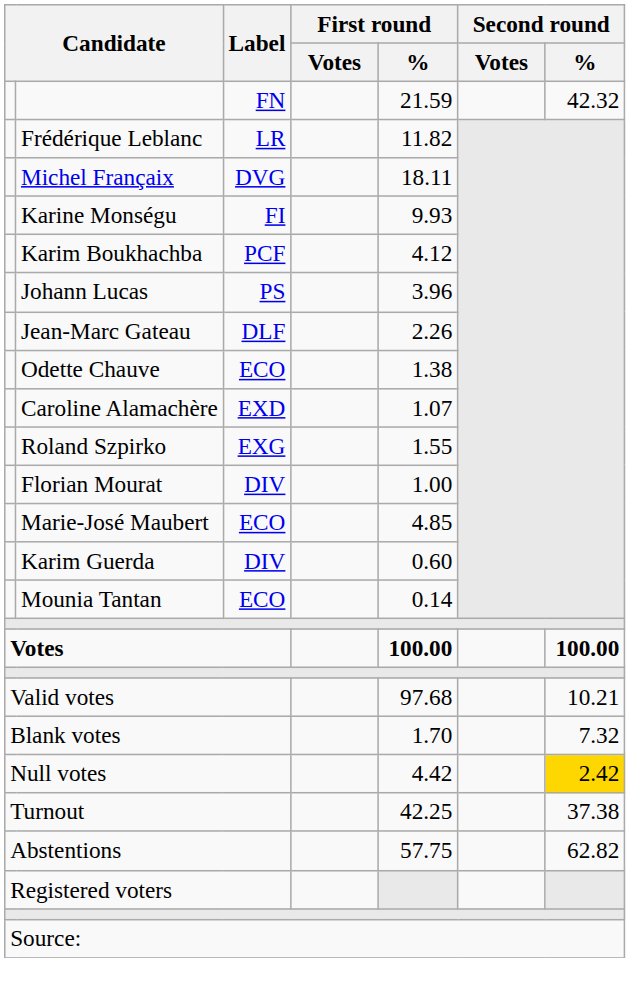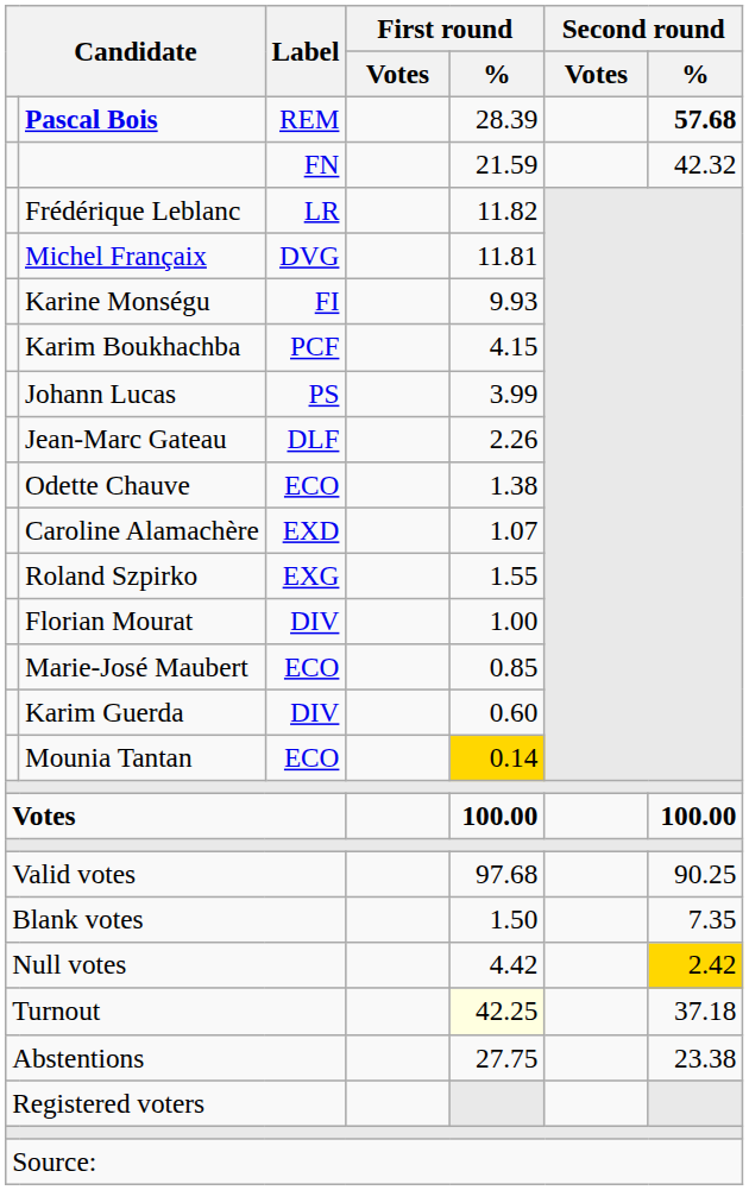 <table class="wikitable" style="text-align:right;font-size:95%;">
 <tr>
 <th rowspan="2" colspan="2">Candidate</th>
 <th rowspan="2">Label</th>
 <th colspan="2">First round</th>
 <th colspan="2">Second round</th>
 </tr>
 <tr>
 <th style="width:50px;">Votes</th>
 <th style="width:45px;">%</th>
 <th style="width:50px;">Votes</th>
 <th style="width:45px;">%</th>
+</tr>
+<tr>
+<td style="color:inherit;background:"></td>
+<td style="text-align:left;"><strong><a href='#'>Pascal Bois</a></strong></td>
+<td><a href='#'>REM</a></td>
+<td></td>
+<td>28.39</td>
+<td><strong></strong></td>
+<td><strong>57.68</strong></td>
 </tr>
 <tr>
 <td style="color:inherit;background:"></td>
 <td style="text-align:left;"></td>
 <td><a href='#'>FN</a></td>
 <td></td>
 <td>21.59</td>
 <td></td>
 <td>42.32</td>
 </tr>
 <tr>
 <td style="color:inherit;background:"></td>
 <td style="text-align:left;">Frédérique Leblanc</td>
 <td><a href='#'>LR</a></td>
 <td></td>
 <td>11.82</td>
 <td colspan="2" rowspan="13" style="background:#E9E9E9;"></td>
 </tr>
 <tr>
 <td style="color:inherit;background:"></td>
 <td style="text-align:left;"><a href='#'>Michel Françaix</a></td>
 <td><a href='#'>DVG</a></td>
 <td></td>
-<td>18.11</td>
+<td>11.81</td>
 </tr>
 <tr>
 <td style="color:inherit;background:"></td>
 <td style="text-align:left;">Karine Monségu</td>
 <td><a href='#'>FI</a></td>
 <td></td>
 <td>9.93</td>
 </tr>
 <tr>
 <td style="color:inherit;background:"></td>
 <td style="text-align:left;">Karim Boukhachba</td>
 <td><a href='#'>PCF</a></td>
 <td></td>
-<td>4.12</td>
+<td>4.15</td>
 </tr>
 <tr>
 <td style="color:inherit;background:"></td>
 <td style="text-align:left;">Johann Lucas</td>
 <td><a href='#'>PS</a></td>
 <td></td>
-<td>3.96</td>
+<td>3.99</td>
 </tr>
 <tr>
 <td style="color:inherit;background:"></td>
 <td style="text-align:left;">Jean-Marc Gateau</td>
 <td><a href='#'>DLF</a></td>
 <td></td>
 <td>2.26</td>
 </tr>
 <tr>
 <td style="color:inherit;background:"></td>
 <td style="text-align:left;">Odette Chauve</td>
 <td><a href='#'>ECO</a></td>
 <td></td>
 <td>1.38</td>
 </tr>
 <tr>
 <td style="color:inherit;background:"></td>
 <td style="text-align:left;">Caroline Alamachère</td>
 <td><a href='#'>EXD</a></td>
 <td></td>
 <td>1.07</td>
 </tr>
 <tr>
 <td style="color:inherit;background:"></td>
 <td style="text-align:left;">Roland Szpirko</td>
 <td><a href='#'>EXG</a></td>
 <td></td>
 <td>1.55</td>
 </tr>
 <tr>
 <td style="color:inherit;background:"></td>
 <td style="text-align:left;">Florian Mourat</td>
 <td><a href='#'>DIV</a></td>
 <td></td>
 <td>1.00</td>
 </tr>
 <tr>
 <td style="color:inherit;background:"></td>
 <td style="text-align:left;">Marie-José Maubert</td>
 <td><a href='#'>ECO</a></td>
 <td></td>
-<td>4.85</td>
+<td>0.85</td>
 </tr>
 <tr>
 <td style="color:inherit;background:"></td>
 <td style="text-align:left;">Karim Guerda</td>
 <td><a href='#'>DIV</a></td>
 <td></td>
 <td>0.60</td>
 </tr>
 <tr>
 <td style="color:inherit;background:"></td>
 <td style="text-align:left;">Mounia Tantan</td>
 <td><a href='#'>ECO</a></td>
 <td></td>
-<td>0.14</td>
+<td style="background: gold;">0.14</td>
 </tr>
 <tr>
 <td colspan="7" style="background:#E9E9E9;"></td>
 </tr>
 <tr style="font-weight:bold;">
 <td colspan="3" style="text-align:left;">Votes</td>
 <td></td>
 <td>100.00</td>
 <td></td>
 <td>100.00</td>
 </tr>
 <tr>
 <td colspan="7" style="background:#E9E9E9;"></td>
 </tr>
 <tr>
 <td colspan="3" style="text-align:left;">Valid votes</td>
 <td></td>
 <td>97.68</td>
 <td></td>
-<td>10.21</td>
+<td>90.25</td>
 </tr>
 <tr>
 <td colspan="3" style="text-align:left;">Blank votes</td>
 <td></td>
-<td>1.70</td>
+<td>1.50</td>
 <td></td>
-<td>7.32</td>
+<td>7.35</td>
 </tr>
 <tr>
 <td colspan="3" style="text-align:left;">Null votes</td>
 <td></td>
 <td>4.42</td>
 <td></td>
 <td style="background: gold;">2.42</td>
 </tr>
 <tr>
 <td colspan="3" style="text-align:left;">Turnout</td>
 <td></td>
-<td>42.25</td>
+<td style="background: lightyellow;">42.25</td>
 <td></td>
-<td>37.38</td>
+<td>37.18</td>
 </tr>
 <tr>
 <td colspan="3" style="text-align:left;">Abstentions</td>
 <td></td>
-<td>57.75</td>
+<td>27.75</td>
 <td></td>
-<td>62.82</td>
+<td>23.38</td>
 </tr>
 <tr>
 <td colspan="3" style="text-align:left;">Registered voters</td>
 <td></td>
 <td style="background:#E9E9E9;"></td>
 <td></td>
 <td style="background:#E9E9E9;"></td>
 </tr>
 <tr>
 <td colspan="7" style="background:#E9E9E9;"></td>
 </tr>
 <tr>
 <td colspan="7" style="text-align:left;">Source: </td>
 </tr>
 </table>
